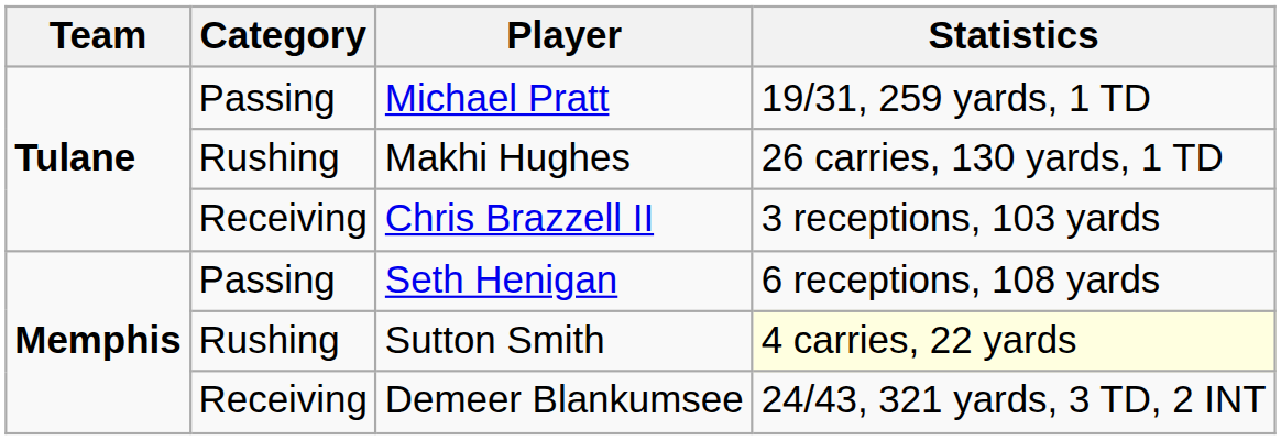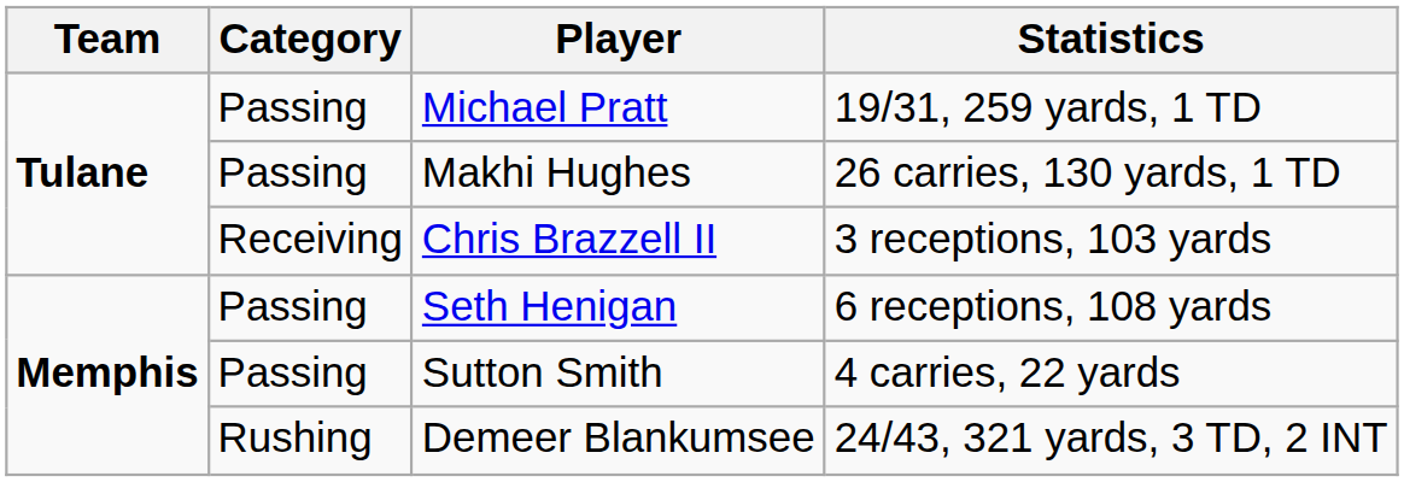 <table class="wikitable" style="float: right;">
 <tr>
 <th>Team</th>
 <th>Category</th>
 <th>Player</th>
 <th>Statistics</th>
 </tr>
 <tr>
 <td rowspan=3><strong>Tulane</strong></td>
 <td>Passing</td>
 <td><a href='#'>Michael Pratt</a></td>
 <td>19/31, 259 yards, 1 TD</td>
 </tr>
 <tr>
-<td>Rushing</td>
+<td>Passing</td>
 <td>Makhi Hughes</td>
 <td>26 carries, 130 yards, 1 TD</td>
 </tr>
 <tr>
 <td>Receiving</td>
 <td><a href='#'>Chris Brazzell II</a></td>
 <td>3 receptions, 103 yards</td>
 </tr>
 <tr>
 <td rowspan=3><strong>Memphis</strong></td>
 <td>Passing</td>
 <td><a href='#'>Seth Henigan</a></td>
 <td>6 receptions, 108 yards</td>
 </tr>
 <tr>
-<td>Rushing</td>
+<td>Passing</td>
 <td>Sutton Smith</td>
-<td style="background: lightyellow;">4 carries, 22 yards</td>
+<td>4 carries, 22 yards</td>
 </tr>
 <tr>
-<td>Receiving</td>
+<td>Rushing</td>
 <td>Demeer Blankumsee</td>
 <td>24/43, 321 yards, 3 TD, 2 INT</td>
 </tr>
 </table>
